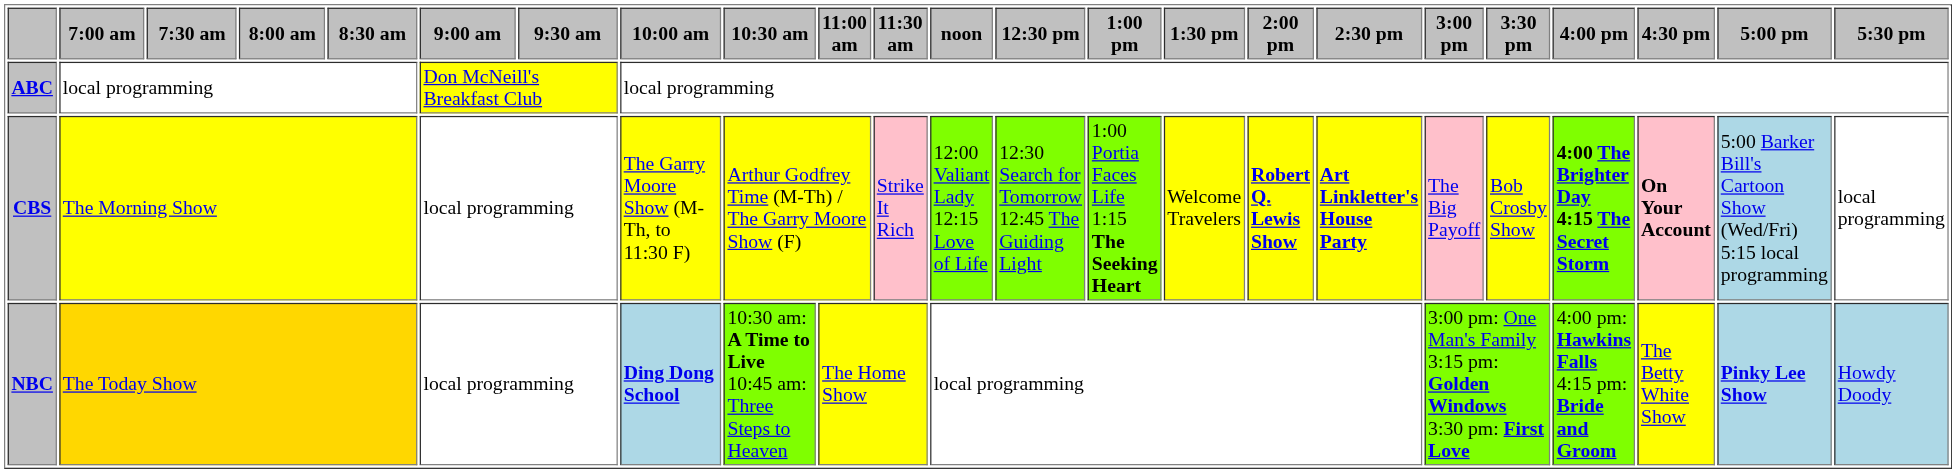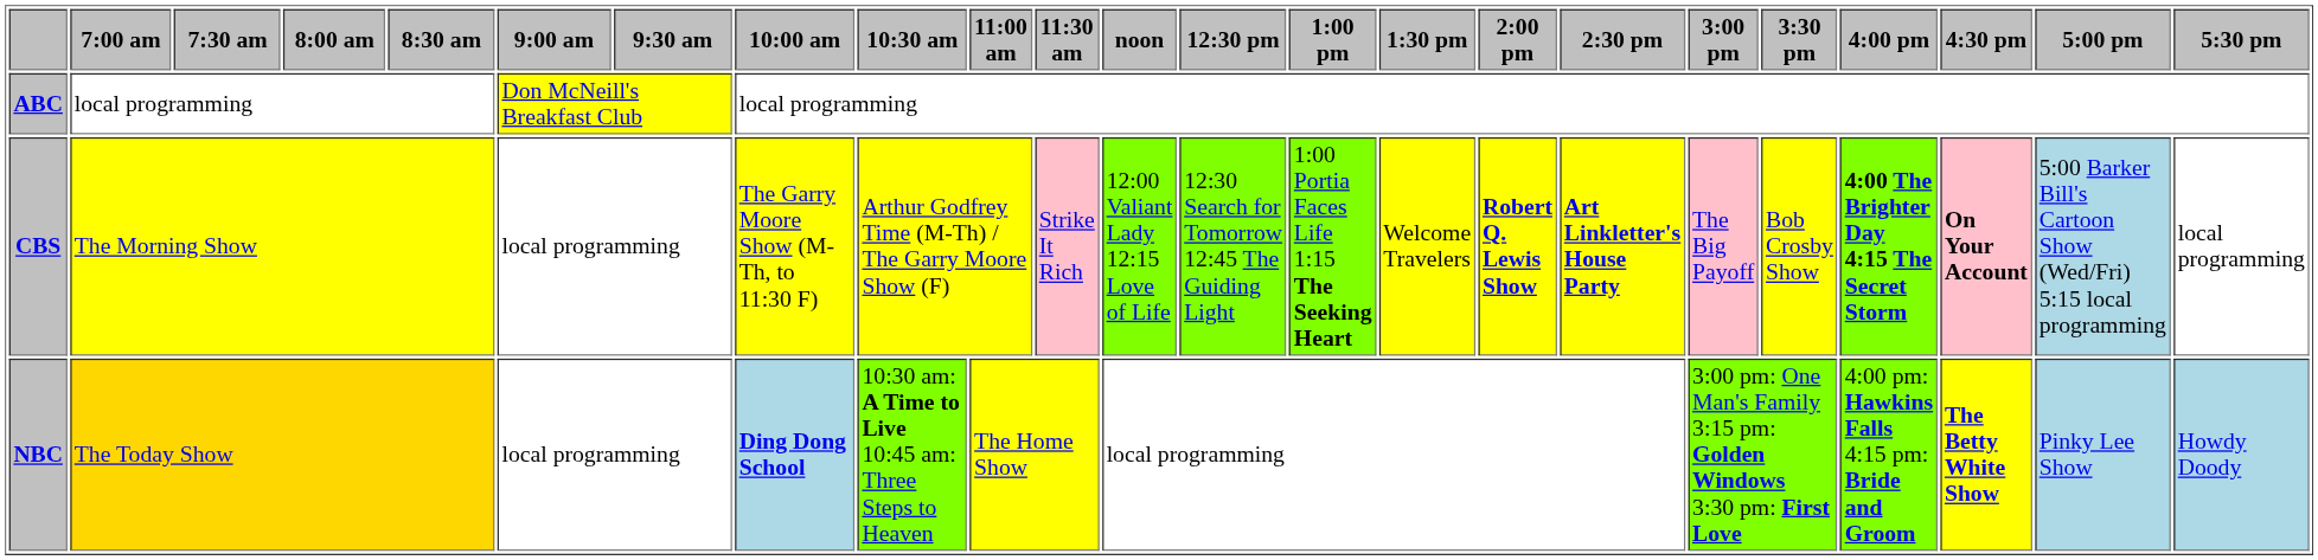 <table border="1" cellpadding="2">
 <tr>
 <th bgcolor="#C0C0C0"> </th>
 <th width="13%" bgcolor="#C0C0C0">7:00 am</th>
 <th width="14%" bgcolor="#C0C0C0">7:30 am</th>
 <th width="13%" bgcolor="#C0C0C0">8:00 am</th>
 <th width="14%" bgcolor="#C0C0C0">8:30 am</th>
 <th width="13%" bgcolor="#C0C0C0">9:00 am</th>
 <th width="14%" bgcolor="#C0C0C0">9:30 am</th>
 <th width="13%" bgcolor="#C0C0C0">10:00 am</th>
 <th width="14%" bgcolor="#C0C0C0">10:30 am</th>
 <th width="13%" bgcolor="#C0C0C0">11:00 am</th>
 <th width="14%" bgcolor="#C0C0C0">11:30 am</th>
 <th width="13%" bgcolor="#C0C0C0">noon</th>
 <th width="14%" bgcolor="#C0C0C0">12:30 pm</th>
 <th width="13%" bgcolor="#C0C0C0">1:00 pm</th>
 <th width="14%" bgcolor="#C0C0C0">1:30 pm</th>
 <th width="13%" bgcolor="#C0C0C0">2:00 pm</th>
 <th width="14%" bgcolor="#C0C0C0">2:30 pm</th>
 <th width="13%" bgcolor="#C0C0C0">3:00 pm</th>
 <th width="14%" bgcolor="#C0C0C0">3:30 pm</th>
 <th width="13%" bgcolor="#C0C0C0">4:00 pm</th>
 <th width="14%" bgcolor="#C0C0C0">4:30 pm</th>
 <th width="13%" bgcolor="#C0C0C0">5:00 pm</th>
 <th width="14%" bgcolor="#C0C0C0">5:30 pm</th>
 </tr>
 <tr>
 <th bgcolor="#C0C0C0"><a href='#'>ABC</a></th>
 <td bgcolor="white" colspan="4">local programming</td>
 <td bgcolor="yellow" colspan="2"><a href='#'>Don McNeill's Breakfast Club</a></td>
 <td bgcolor="white" colspan="22">local programming</td>
 </tr>
 <tr>
 <th bgcolor="#C0C0C0"><a href='#'>CBS</a></th>
 <td bgcolor="yellow" colspan="4"><a href='#'>The Morning Show</a></td>
 <td bgcolor="white" colspan="2">local programming</td>
 <td bgcolor="yellow"><a href='#'>The Garry Moore Show</a> (M-Th, to 11:30 F)</td>
 <td bgcolor="yellow" colspan="2"><a href='#'>Arthur Godfrey Time</a> (M-Th) / <a href='#'>The Garry Moore Show</a> (F)</td>
 <td bgcolor="pink"><a href='#'>Strike It Rich</a></td>
 <td bgcolor="chartreuse">12:00 <a href='#'>Valiant Lady</a><br>12:15 <a href='#'>Love of Life</a></td>
 <td bgcolor="chartreuse">12:30 <a href='#'>Search for Tomorrow</a><br>12:45 <a href='#'>The Guiding Light</a></td>
 <td bgcolor="chartreuse">1:00 <a href='#'>Portia Faces Life</a><br>1:15 <strong>The Seeking Heart</strong></td>
 <td bgcolor="yellow">Welcome Travelers</td>
 <td bgcolor="yellow"><strong><a href='#'>Robert Q. Lewis Show</a></strong></td>
 <td bgcolor="yellow"><strong><a href='#'>Art Linkletter's House Party</a></strong></td>
 <td bgcolor="pink"><a href='#'>The Big Payoff</a></td>
 <td bgcolor="yellow"><a href='#'>Bob Crosby Show</a></td>
 <td bgcolor="chartreuse"><strong>4:00 <a href='#'>The Brighter Day</a><br>4:15 <a href='#'>The Secret Storm</a></strong></td>
 <td bgcolor="pink"><strong>On Your Account</strong></td>
 <td bgcolor="lightblue">5:00 <a href='#'>Barker Bill's Cartoon Show</a> (Wed/Fri)<br>5:15 local programming</td>
 <td bgcolor="white">local programming</td>
 </tr>
 <tr>
 <th bgcolor="#C0C0C0"><a href='#'>NBC</a></th>
 <td bgcolor="gold" colspan="4"><a href='#'>The Today Show</a></td>
 <td bgcolor="white" colspan="2">local programming</td>
 <td bgcolor="lightblue"><strong><a href='#'>Ding Dong School</a></strong></td>
 <td bgcolor="chartreuse">10:30 am: <strong>A Time to Live</strong> 10:45 am: <a href='#'>Three Steps to Heaven</a></td>
 <td bgcolor="yellow" colspan="2"><a href='#'>The Home Show</a></td>
 <td bgcolor="white" colspan="6">local programming</td>
 <td bgcolor="chartreuse" colspan="2">3:00 pm: <a href='#'>One Man's Family</a><br>3:15 pm: <strong><a href='#'>Golden Windows</a></strong><br>3:30 pm: <strong><a href='#'>First Love</a></strong></td>
 <td bgcolor="chartreuse">4:00 pm: <strong><a href='#'>Hawkins Falls</a></strong><br>4:15 pm: <strong><a href='#'>Bride and Groom</a></strong></td>
-<td bgcolor="yellow"><a href='#'>The Betty White Show</a></td>
-<td bgcolor="lightblue"><strong><a href='#'>Pinky Lee Show</a></strong></td>
+<td bgcolor="yellow"><strong><a href='#'>The Betty White Show</a></strong></td>
+<td bgcolor="lightblue"><a href='#'>Pinky Lee Show</a></td>
 <td bgcolor="lightblue"><a href='#'>Howdy Doody</a></td>
 </tr>
 </table>
